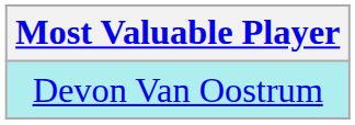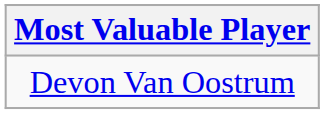 <table class=wikitable style="text-align:center; margin:auto">
 <tr>
 <th><a href='#'>Most Valuable Player</a></th>
 </tr>
 <tr>
-<td style="background: paleturquoise;"> <a href='#'>Devon Van Oostrum</a></td>
+<td> <a href='#'>Devon Van Oostrum</a></td>
 </tr>
 </table>
